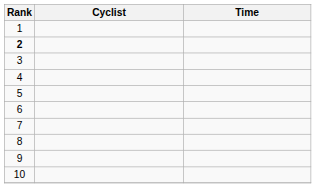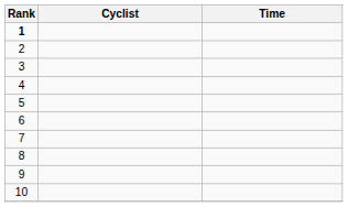 <table class="wikitable sortable" style="width:30em;margin-bottom:0;">
 <tr>
 <th>Rank</th>
 <th>Cyclist</th>
 <th>Time</th>
 </tr>
 <tr>
-<td style="width:40px; text-align:center;">1</td>
+<td style="width:40px; text-align:center;"><strong>1</strong></td>
 <td style="width:225px;"></td>
 <td align="right"></td>
 </tr>
 <tr>
-<td style="text-align:center;"><strong>2</strong></td>
+<td style="text-align:center;">2</td>
 <td></td>
 <td align="right"></td>
 </tr>
 <tr>
 <td style="text-align:center;">3</td>
 <td></td>
 <td align="right"></td>
 </tr>
 <tr>
 <td style="text-align:center;">4</td>
 <td></td>
 <td align="right"></td>
 </tr>
 <tr>
 <td style="text-align:center;">5</td>
 <td></td>
 <td align="right"></td>
 </tr>
 <tr>
 <td style="text-align:center;">6</td>
 <td></td>
 <td align="right"></td>
 </tr>
 <tr>
 <td style="text-align:center;">7</td>
 <td></td>
 <td align="right"></td>
 </tr>
 <tr>
 <td style="text-align:center;">8</td>
 <td></td>
 <td align="right"></td>
 </tr>
 <tr>
 <td style="text-align:center;">9</td>
 <td></td>
 <td align="right"></td>
 </tr>
 <tr>
 <td style="text-align:center;">10</td>
 <td></td>
 <td align="right"></td>
 </tr>
 <tr>
 </tr>
 </table>
